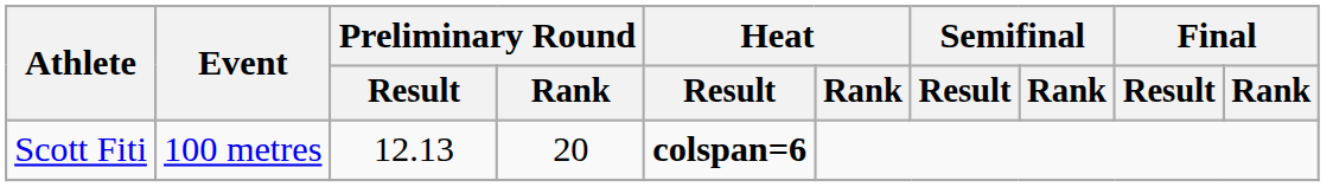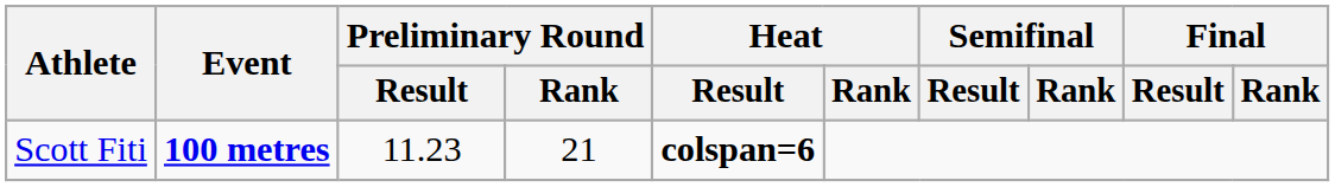 <table class=wikitable style=font-size:90%>
 <tr>
 <th rowspan=2>Athlete</th>
 <th rowspan=2>Event</th>
 <th colspan=2>Preliminary Round</th>
 <th colspan=2>Heat</th>
 <th colspan=2>Semifinal</th>
 <th colspan=2>Final</th>
 </tr>
 <tr style=font-size:95%>
 <th>Result</th>
 <th>Rank</th>
 <th>Result</th>
 <th>Rank</th>
 <th>Result</th>
 <th>Rank</th>
 <th>Result</th>
 <th>Rank</th>
 </tr>
 <tr align=center>
 <td align=left><a href='#'>Scott Fiti</a></td>
-<td align=left><a href='#'>100 metres</a></td>
-<td>12.13</td>
-<td>20</td>
+<td align=left><strong><a href='#'>100 metres</a></strong></td>
+<td>11.23</td>
+<td>21</td>
 <td><strong>colspan=6 </strong></td>
 </tr>
 </table>
